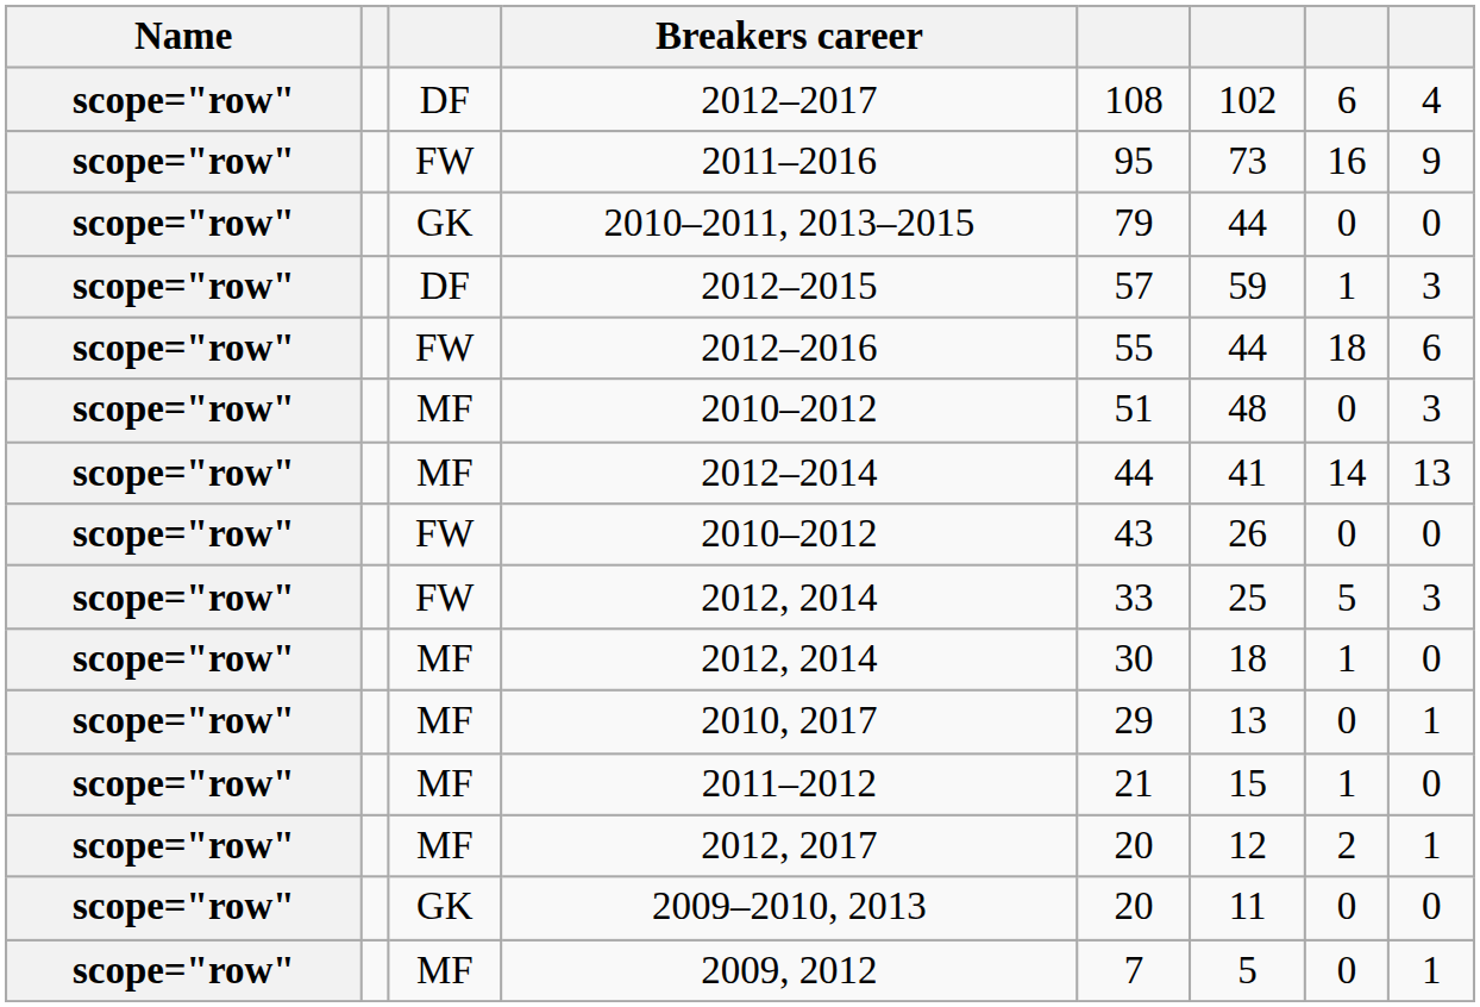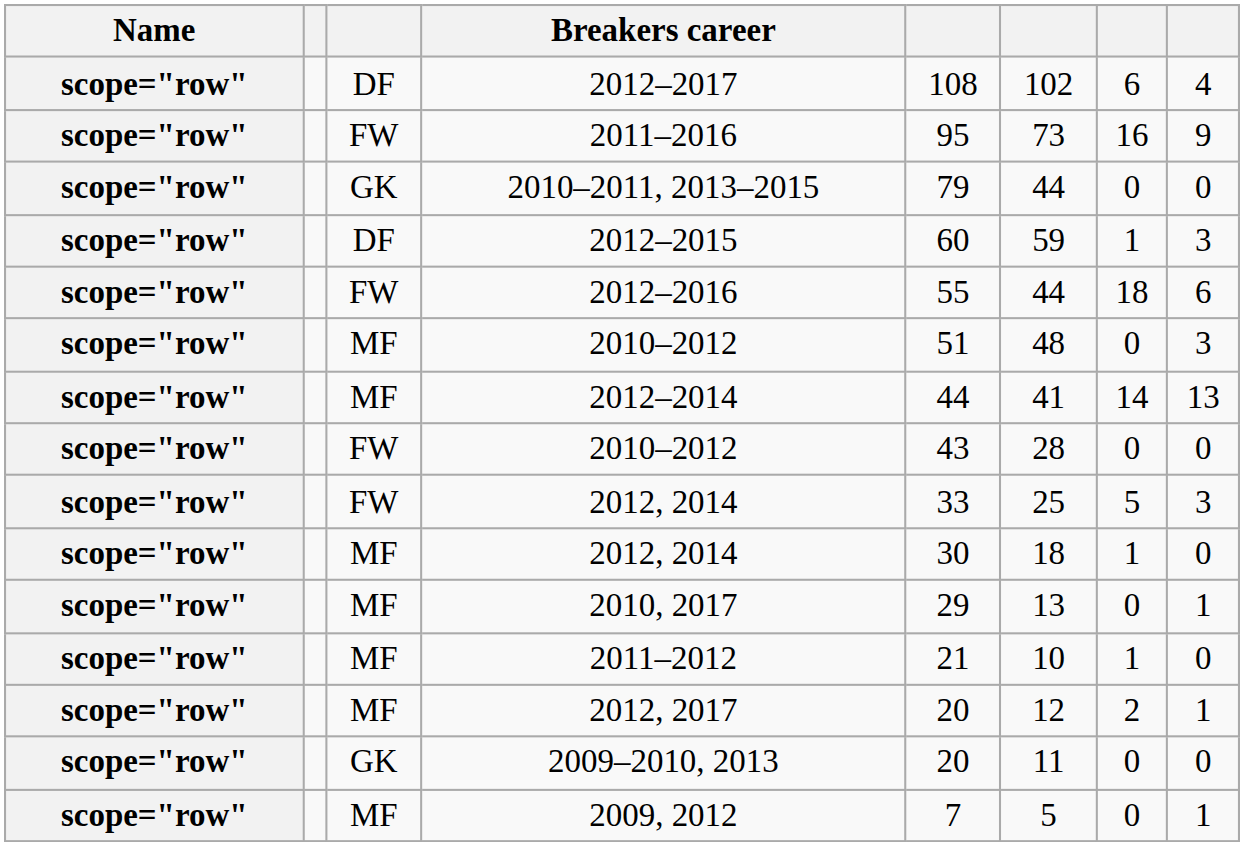 <table class="wikitable sortable" style="text-align:center;width:600px;">
 <tr>
 <th scope="col">Name</th>
 <th scope="col"></th>
 <th scope="col"></th>
 <th scope="col">Breakers career</th>
 <th scope="col"></th>
 <th scope="col"></th>
 <th scope="col"></th>
 <th scope="col"></th>
 </tr>
 <tr>
 <th>scope="row" </th>
 <td></td>
 <td>DF</td>
 <td>2012–2017</td>
 <td>108</td>
 <td>102</td>
 <td>6</td>
 <td>4</td>
 </tr>
 <tr>
 <th>scope="row" </th>
 <td></td>
 <td>FW</td>
 <td>2011–2016</td>
 <td>95</td>
 <td>73</td>
 <td>16</td>
 <td>9</td>
 </tr>
 <tr>
 <th>scope="row" </th>
 <td></td>
 <td>GK</td>
 <td>2010–2011, 2013–2015</td>
 <td>79</td>
 <td>44</td>
 <td>0</td>
 <td>0</td>
 </tr>
 <tr>
 <th>scope="row" </th>
 <td></td>
 <td>DF</td>
 <td>2012–2015</td>
-<td>57</td>
+<td>60</td>
 <td>59</td>
 <td>1</td>
 <td>3</td>
 </tr>
 <tr>
 <th>scope="row" </th>
 <td></td>
 <td>FW</td>
 <td>2012–2016</td>
 <td>55</td>
 <td>44</td>
 <td>18</td>
 <td>6</td>
 </tr>
 <tr>
 <th>scope="row" </th>
 <td></td>
 <td>MF</td>
 <td>2010–2012</td>
 <td>51</td>
 <td>48</td>
 <td>0</td>
 <td>3</td>
 </tr>
 <tr>
 <th>scope="row" </th>
 <td></td>
 <td>MF</td>
 <td>2012–2014</td>
 <td>44</td>
 <td>41</td>
 <td>14</td>
 <td>13</td>
 </tr>
 <tr>
 <th>scope="row" </th>
 <td></td>
 <td>FW</td>
 <td>2010–2012</td>
 <td>43</td>
-<td>26</td>
+<td>28</td>
 <td>0</td>
 <td>0</td>
 </tr>
 <tr>
 <th>scope="row" </th>
 <td></td>
 <td>FW</td>
 <td>2012, 2014</td>
 <td>33</td>
 <td>25</td>
 <td>5</td>
 <td>3</td>
 </tr>
 <tr>
 <th>scope="row" </th>
 <td></td>
 <td>MF</td>
 <td>2012, 2014</td>
 <td>30</td>
 <td>18</td>
 <td>1</td>
 <td>0</td>
 </tr>
 <tr>
 <th>scope="row" </th>
 <td></td>
 <td>MF</td>
 <td>2010, 2017</td>
 <td>29</td>
 <td>13</td>
 <td>0</td>
 <td>1</td>
 </tr>
 <tr>
 <th>scope="row" </th>
 <td></td>
 <td>MF</td>
 <td>2011–2012</td>
 <td>21</td>
-<td>15</td>
+<td>10</td>
 <td>1</td>
 <td>0</td>
 </tr>
 <tr>
 <th>scope="row" </th>
 <td></td>
 <td>MF</td>
 <td>2012, 2017</td>
 <td>20</td>
 <td>12</td>
 <td>2</td>
 <td>1</td>
 </tr>
 <tr>
 <th>scope="row" </th>
 <td></td>
 <td>GK</td>
 <td>2009–2010, 2013</td>
 <td>20</td>
 <td>11</td>
 <td>0</td>
 <td>0</td>
 </tr>
 <tr>
 <th>scope="row" </th>
 <td></td>
 <td>MF</td>
 <td>2009, 2012</td>
 <td>7</td>
 <td>5</td>
 <td>0</td>
 <td>1</td>
 </tr>
 <tr>
 </tr>
 </table>
